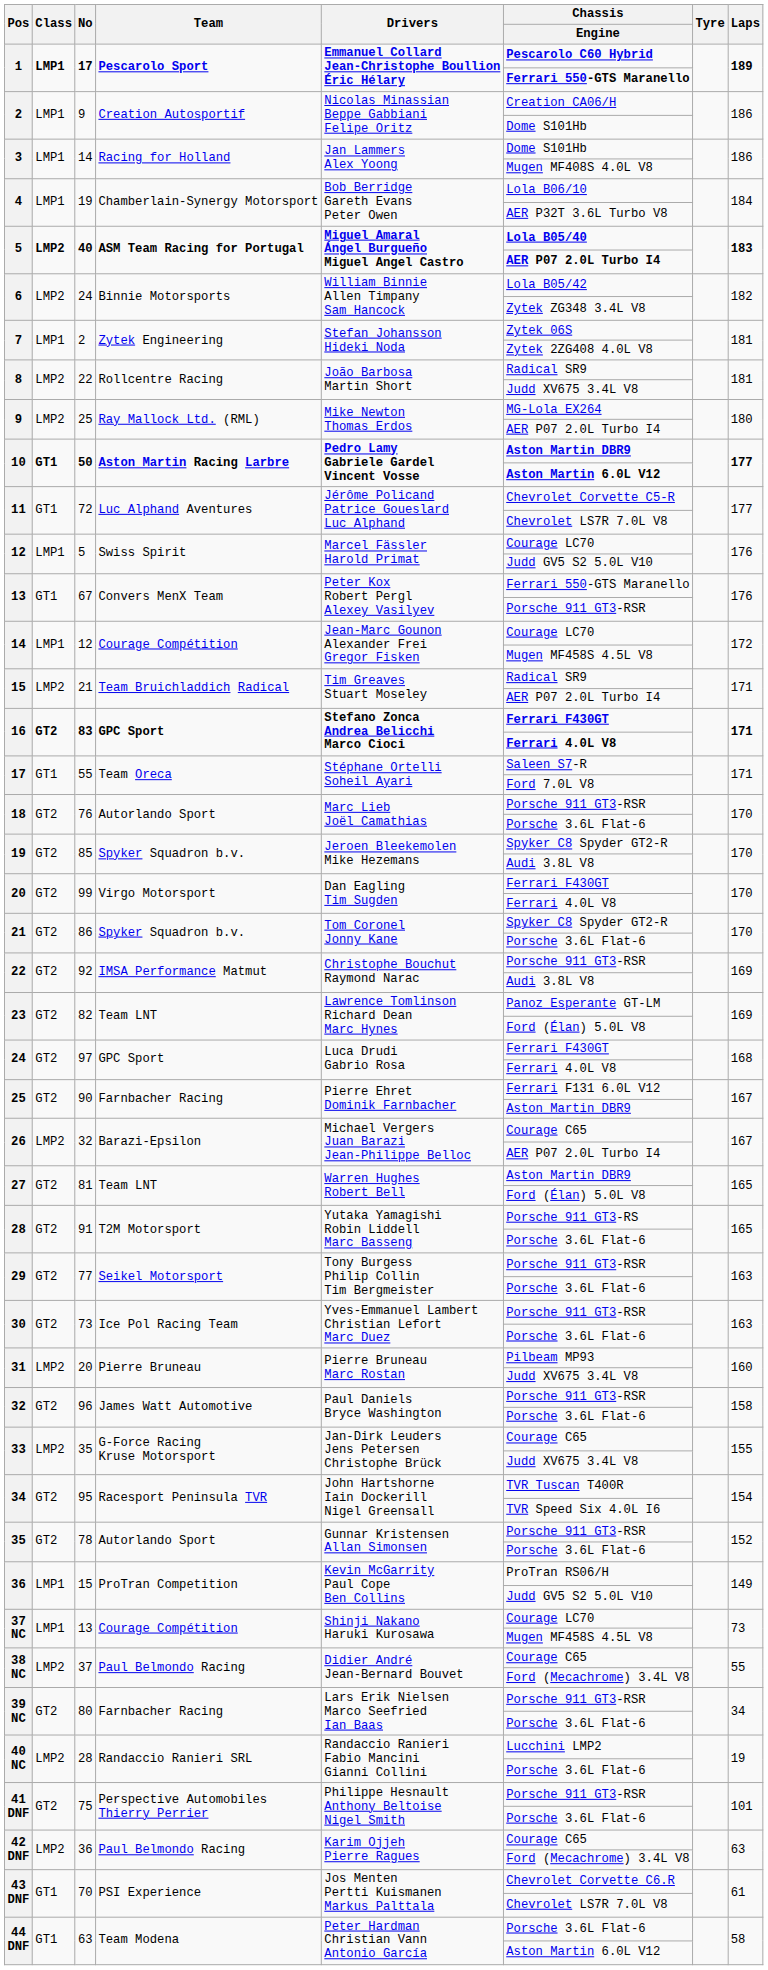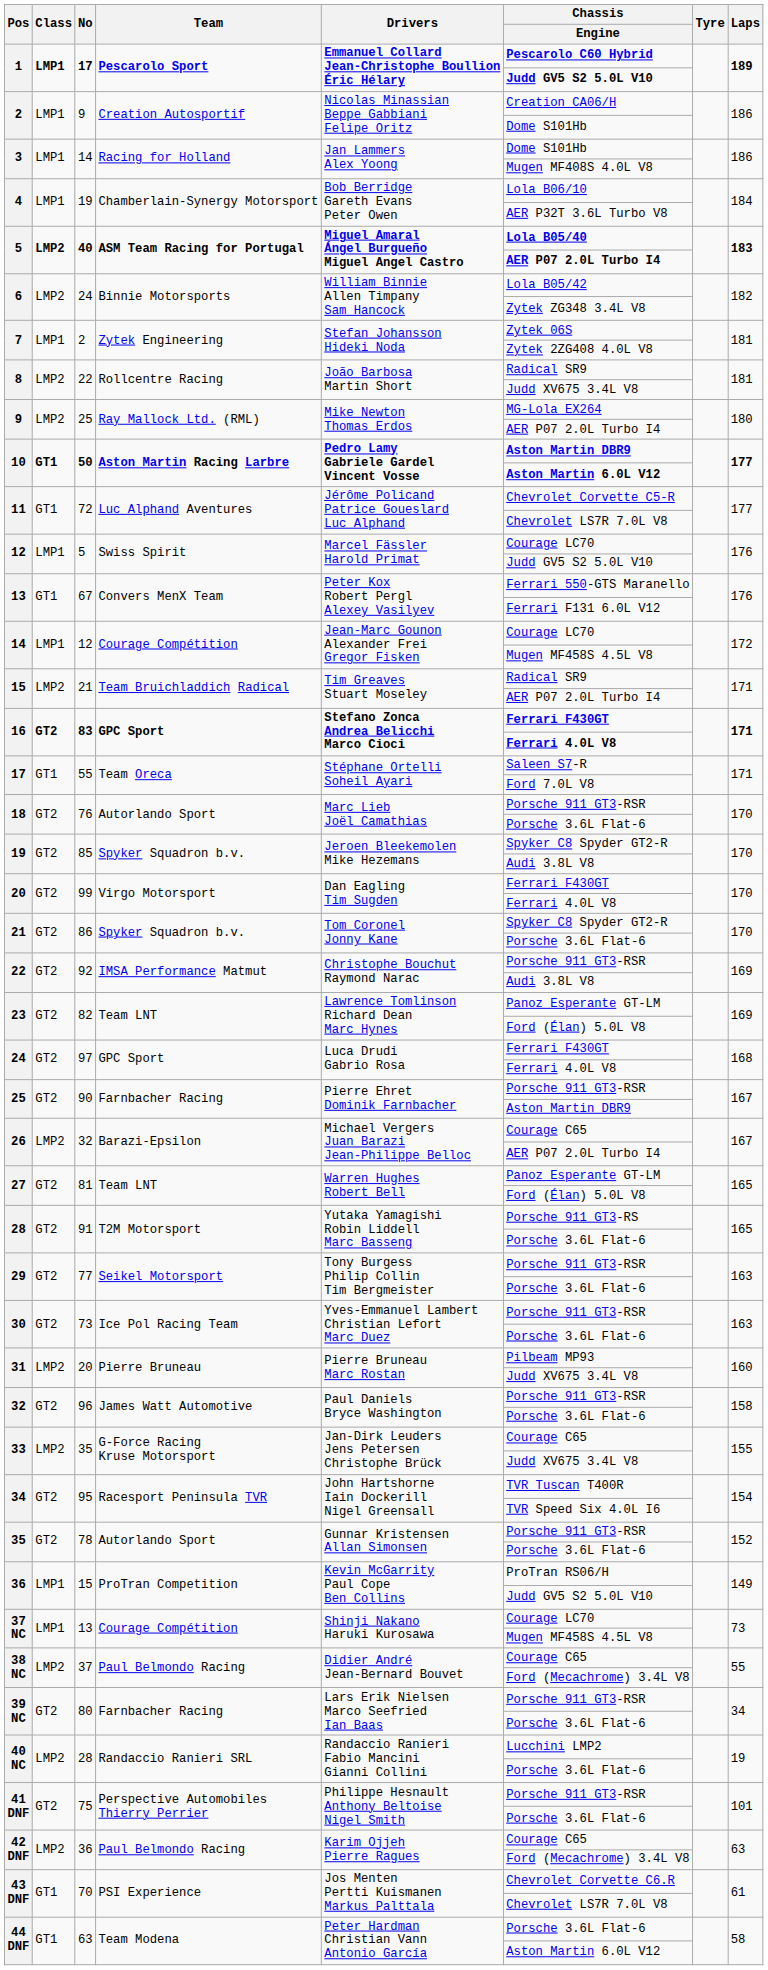 <table class="wikitable" style="font-size: 95%;">
 <tr>
 <th rowspan=2>Pos</th>
 <th rowspan=2>Class</th>
 <th rowspan=2>No</th>
 <th rowspan=2>Team</th>
 <th rowspan=2>Drivers</th>
 <th>Chassis</th>
 <th rowspan=2>Tyre</th>
 <th rowspan=2>Laps</th>
 </tr>
 <tr>
 <th>Engine</th>
 </tr>
 <tr style="font-weight:bold">
 <th rowspan=2>1</th>
 <td rowspan=2>LMP1</td>
 <td rowspan=2>17</td>
 <td rowspan=2> <a href='#'>Pescarolo Sport</a></td>
 <td rowspan=2> <a href='#'>Emmanuel Collard</a><br> <a href='#'>Jean-Christophe Boullion</a><br> <a href='#'>Éric Hélary</a></td>
 <td><a href='#'>Pescarolo C60 Hybrid</a></td>
 <td rowspan=2></td>
 <td rowspan=2>189</td>
 </tr>
 <tr style="font-weight:bold">
-<td><a href='#'>Ferrari 550</a>-GTS Maranello</td>
+<td><a href='#'>Judd</a> GV5 S2 5.0L V10</td>
 </tr>
 <tr>
 <th rowspan=2>2</th>
 <td rowspan=2>LMP1</td>
 <td rowspan=2>9</td>
 <td rowspan=2> <a href='#'>Creation Autosportif</a></td>
 <td rowspan=2> <a href='#'>Nicolas Minassian</a><br> <a href='#'>Beppe Gabbiani</a><br> <a href='#'>Felipe Oritz</a></td>
 <td><a href='#'>Creation CA06/H</a></td>
 <td rowspan=2></td>
 <td rowspan=2>186</td>
 </tr>
 <tr>
 <td><a href='#'>Dome</a> S101Hb</td>
 </tr>
 <tr>
 <th rowspan=2>3</th>
 <td rowspan=2>LMP1</td>
 <td rowspan=2>14</td>
 <td rowspan=2> <a href='#'>Racing for Holland</a></td>
 <td rowspan=2> <a href='#'>Jan Lammers</a><br> <a href='#'>Alex Yoong</a></td>
 <td><a href='#'>Dome</a> S101Hb</td>
 <td rowspan=2></td>
 <td rowspan=2>186</td>
 </tr>
 <tr>
 <td><a href='#'>Mugen</a> MF408S 4.0L V8</td>
 </tr>
 <tr>
 <th rowspan=2>4</th>
 <td rowspan=2>LMP1</td>
 <td rowspan=2>19</td>
 <td rowspan=2> Chamberlain-Synergy Motorsport</td>
 <td rowspan=2> <a href='#'>Bob Berridge</a><br> Gareth Evans<br> Peter Owen</td>
 <td><a href='#'>Lola B06/10</a></td>
 <td rowspan=2></td>
 <td rowspan=2>184</td>
 </tr>
 <tr>
 <td><a href='#'>AER</a> P32T 3.6L Turbo V8</td>
 </tr>
 <tr style="font-weight:bold">
 <th rowspan=2>5</th>
 <td rowspan=2>LMP2</td>
 <td rowspan=2>40</td>
 <td rowspan=2> ASM Team Racing for Portugal</td>
 <td rowspan=2> <a href='#'>Miguel Amaral</a><br> <a href='#'>Ángel Burgueño</a><br> Miguel Angel Castro</td>
 <td><a href='#'>Lola B05/40</a></td>
 <td rowspan=2></td>
 <td rowspan=2>183</td>
 </tr>
 <tr style="font-weight:bold">
 <td><a href='#'>AER</a> P07 2.0L Turbo I4</td>
 </tr>
 <tr>
 <th rowspan=2>6</th>
 <td rowspan=2>LMP2</td>
 <td rowspan=2>24</td>
 <td rowspan=2> Binnie Motorsports</td>
 <td rowspan=2> <a href='#'>William Binnie</a><br> Allen Timpany<br> <a href='#'>Sam Hancock</a></td>
 <td><a href='#'>Lola B05/42</a></td>
 <td rowspan=2></td>
 <td rowspan=2>182</td>
 </tr>
 <tr>
 <td><a href='#'>Zytek</a> ZG348 3.4L V8</td>
 </tr>
 <tr>
 <th rowspan=2>7</th>
 <td rowspan=2>LMP1</td>
 <td rowspan=2>2</td>
 <td rowspan=2> <a href='#'>Zytek</a> Engineering</td>
 <td rowspan=2> <a href='#'>Stefan Johansson</a><br> <a href='#'>Hideki Noda</a></td>
 <td><a href='#'>Zytek 06S</a></td>
 <td rowspan=2></td>
 <td rowspan=2>181</td>
 </tr>
 <tr>
 <td><a href='#'>Zytek</a> 2ZG408 4.0L V8</td>
 </tr>
 <tr>
 <th rowspan=2>8</th>
 <td rowspan=2>LMP2</td>
 <td rowspan=2>22</td>
 <td rowspan=2> Rollcentre Racing</td>
 <td rowspan=2> <a href='#'>João Barbosa</a><br> Martin Short</td>
 <td><a href='#'>Radical</a> SR9</td>
 <td rowspan=2></td>
 <td rowspan=2>181</td>
 </tr>
 <tr>
 <td><a href='#'>Judd</a> XV675 3.4L V8</td>
 </tr>
 <tr>
 <th rowspan=2>9</th>
 <td rowspan=2>LMP2</td>
 <td rowspan=2>25</td>
 <td rowspan=2> <a href='#'>Ray Mallock Ltd.</a> (RML)</td>
 <td rowspan=2> <a href='#'>Mike Newton</a><br> <a href='#'>Thomas Erdos</a></td>
 <td><a href='#'>MG-Lola EX264</a></td>
 <td rowspan=2></td>
 <td rowspan=2>180</td>
 </tr>
 <tr>
 <td><a href='#'>AER</a> P07 2.0L Turbo I4</td>
 </tr>
 <tr style="font-weight:bold">
 <th rowspan=2>10</th>
 <td rowspan=2>GT1</td>
 <td rowspan=2>50</td>
 <td rowspan=2> <a href='#'>Aston Martin</a> Racing <a href='#'>Larbre</a></td>
 <td rowspan=2> <a href='#'>Pedro Lamy</a><br> Gabriele Gardel<br> Vincent Vosse</td>
 <td><a href='#'>Aston Martin DBR9</a></td>
 <td rowspan=2></td>
 <td rowspan=2>177</td>
 </tr>
 <tr style="font-weight:bold">
 <td><a href='#'>Aston Martin</a> 6.0L V12</td>
 </tr>
 <tr>
 <th rowspan=2>11</th>
 <td rowspan=2>GT1</td>
 <td rowspan=2>72</td>
 <td rowspan=2> <a href='#'>Luc Alphand</a> Aventures</td>
 <td rowspan=2> <a href='#'>Jérôme Policand</a><br> <a href='#'>Patrice Goueslard</a><br> <a href='#'>Luc Alphand</a></td>
 <td><a href='#'>Chevrolet Corvette C5-R</a></td>
 <td rowspan=2></td>
 <td rowspan=2>177</td>
 </tr>
 <tr>
 <td><a href='#'>Chevrolet</a> LS7R 7.0L V8</td>
 </tr>
 <tr>
 <th rowspan=2>12</th>
 <td rowspan=2>LMP1</td>
 <td rowspan=2>5</td>
 <td rowspan=2> Swiss Spirit</td>
 <td rowspan=2> <a href='#'>Marcel Fässler</a><br> <a href='#'>Harold Primat</a></td>
 <td><a href='#'>Courage</a> LC70</td>
 <td rowspan=2></td>
 <td rowspan=2>176</td>
 </tr>
 <tr>
 <td><a href='#'>Judd</a> GV5 S2 5.0L V10</td>
 </tr>
 <tr>
 <th rowspan=2>13</th>
 <td rowspan=2>GT1</td>
 <td rowspan=2>67</td>
 <td rowspan=2> Convers MenX Team</td>
 <td rowspan=2> <a href='#'>Peter Kox</a><br> Robert Pergl<br> <a href='#'>Alexey Vasilyev</a></td>
 <td><a href='#'>Ferrari 550</a>-GTS Maranello</td>
 <td rowspan=2></td>
 <td rowspan=2>176</td>
 </tr>
 <tr>
-<td><a href='#'>Porsche 911 GT3</a>-RSR</td>
+<td><a href='#'>Ferrari</a> F131 6.0L V12</td>
 </tr>
 <tr>
 <th rowspan=2>14</th>
 <td rowspan=2>LMP1</td>
 <td rowspan=2>12</td>
 <td rowspan=2> <a href='#'>Courage Compétition</a></td>
 <td rowspan=2> <a href='#'>Jean-Marc Gounon</a><br> Alexander Frei<br> <a href='#'>Gregor Fisken</a></td>
 <td><a href='#'>Courage</a> LC70</td>
 <td rowspan=2></td>
 <td rowspan=2>172</td>
 </tr>
 <tr>
 <td><a href='#'>Mugen</a> MF458S 4.5L V8</td>
 </tr>
 <tr>
 <th rowspan=2>15</th>
 <td rowspan=2>LMP2</td>
 <td rowspan=2>21</td>
 <td rowspan=2> <a href='#'>Team Bruichladdich</a> <a href='#'>Radical</a></td>
 <td rowspan=2> <a href='#'>Tim Greaves</a><br> Stuart Moseley</td>
 <td><a href='#'>Radical</a> SR9</td>
 <td rowspan=2></td>
 <td rowspan=2>171</td>
 </tr>
 <tr>
 <td><a href='#'>AER</a> P07 2.0L Turbo I4</td>
 </tr>
 <tr style="font-weight:bold">
 <th rowspan=2>16</th>
 <td rowspan=2>GT2</td>
 <td rowspan=2>83</td>
 <td rowspan=2> GPC Sport</td>
 <td rowspan=2> Stefano Zonca<br> <a href='#'>Andrea Belicchi</a><br> Marco Cioci</td>
 <td><a href='#'>Ferrari F430GT</a></td>
 <td rowspan=2></td>
 <td rowspan=2>171</td>
 </tr>
 <tr style="font-weight:bold">
 <td><a href='#'>Ferrari</a> 4.0L V8</td>
 </tr>
 <tr>
 <th rowspan=2>17</th>
 <td rowspan=2>GT1</td>
 <td rowspan=2>55</td>
 <td rowspan=2> Team <a href='#'>Oreca</a></td>
 <td rowspan=2> <a href='#'>Stéphane Ortelli</a><br> <a href='#'>Soheil Ayari</a></td>
 <td><a href='#'>Saleen S7</a>-R</td>
 <td rowspan=2></td>
 <td rowspan=2>171</td>
 </tr>
 <tr>
 <td><a href='#'>Ford</a> 7.0L V8</td>
 </tr>
 <tr>
 <th rowspan=2>18</th>
 <td rowspan=2>GT2</td>
 <td rowspan=2>76</td>
 <td rowspan=2> Autorlando Sport</td>
 <td rowspan=2> <a href='#'>Marc Lieb</a><br> <a href='#'>Joël Camathias</a></td>
 <td><a href='#'>Porsche 911 GT3</a>-RSR</td>
 <td rowspan=2></td>
 <td rowspan=2>170</td>
 </tr>
 <tr>
 <td><a href='#'>Porsche</a> 3.6L Flat-6</td>
 </tr>
 <tr>
 <th rowspan=2>19</th>
 <td rowspan=2>GT2</td>
 <td rowspan=2>85</td>
 <td rowspan=2> <a href='#'>Spyker</a> Squadron b.v.</td>
 <td rowspan=2> <a href='#'>Jeroen Bleekemolen</a><br> Mike Hezemans</td>
 <td><a href='#'>Spyker C8</a> Spyder GT2-R</td>
 <td rowspan=2></td>
 <td rowspan=2>170</td>
 </tr>
 <tr>
 <td><a href='#'>Audi</a> 3.8L V8</td>
 </tr>
 <tr>
 <th rowspan=2>20</th>
 <td rowspan=2>GT2</td>
 <td rowspan=2>99</td>
 <td rowspan=2> Virgo Motorsport</td>
 <td rowspan=2> Dan Eagling<br> <a href='#'>Tim Sugden</a></td>
 <td><a href='#'>Ferrari F430GT</a></td>
 <td rowspan=2></td>
 <td rowspan=2>170</td>
 </tr>
 <tr>
 <td><a href='#'>Ferrari</a> 4.0L V8</td>
 </tr>
 <tr>
 <th rowspan=2>21</th>
 <td rowspan=2>GT2</td>
 <td rowspan=2>86</td>
 <td rowspan=2> <a href='#'>Spyker</a> Squadron b.v.</td>
 <td rowspan=2> <a href='#'>Tom Coronel</a><br> <a href='#'>Jonny Kane</a></td>
 <td><a href='#'>Spyker C8</a> Spyder GT2-R</td>
 <td rowspan=2></td>
 <td rowspan=2>170</td>
 </tr>
 <tr>
 <td><a href='#'>Porsche</a> 3.6L Flat-6</td>
 </tr>
 <tr>
 <th rowspan=2>22</th>
 <td rowspan=2>GT2</td>
 <td rowspan=2>92</td>
 <td rowspan=2> <a href='#'>IMSA Performance</a> Matmut</td>
 <td rowspan=2> <a href='#'>Christophe Bouchut</a><br> Raymond Narac</td>
 <td><a href='#'>Porsche 911 GT3</a>-RSR</td>
 <td rowspan=2></td>
 <td rowspan=2>169</td>
 </tr>
 <tr>
 <td><a href='#'>Audi</a> 3.8L V8</td>
 </tr>
 <tr>
 <th rowspan=2>23</th>
 <td rowspan=2>GT2</td>
 <td rowspan=2>82</td>
 <td rowspan=2> Team LNT</td>
 <td rowspan=2> <a href='#'>Lawrence Tomlinson</a><br> Richard Dean<br> <a href='#'>Marc Hynes</a></td>
 <td><a href='#'>Panoz Esperante</a> GT-LM</td>
 <td rowspan=2></td>
 <td rowspan=2>169</td>
 </tr>
 <tr>
 <td><a href='#'>Ford</a> (<a href='#'>Élan</a>) 5.0L V8</td>
 </tr>
 <tr>
 <th rowspan=2>24</th>
 <td rowspan=2>GT2</td>
 <td rowspan=2>97</td>
 <td rowspan=2> GPC Sport</td>
 <td rowspan=2> Luca Drudi<br> Gabrio Rosa</td>
 <td><a href='#'>Ferrari F430GT</a></td>
 <td rowspan=2></td>
 <td rowspan=2>168</td>
 </tr>
 <tr>
 <td><a href='#'>Ferrari</a> 4.0L V8</td>
 </tr>
 <tr>
 <th rowspan=2>25</th>
 <td rowspan=2>GT2</td>
 <td rowspan=2>90</td>
 <td rowspan=2> Farnbacher Racing</td>
 <td rowspan=2> Pierre Ehret<br> <a href='#'>Dominik Farnbacher</a></td>
-<td><a href='#'>Ferrari</a> F131 6.0L V12</td>
+<td><a href='#'>Porsche 911 GT3</a>-RSR</td>
 <td rowspan=2></td>
 <td rowspan=2>167</td>
 </tr>
 <tr>
 <td><a href='#'>Aston Martin DBR9</a></td>
 </tr>
 <tr>
 <th rowspan=2>26</th>
 <td rowspan=2>LMP2</td>
 <td rowspan=2>32</td>
 <td rowspan=2> Barazi-Epsilon</td>
 <td rowspan=2> Michael Vergers<br> <a href='#'>Juan Barazi</a><br> <a href='#'>Jean-Philippe Belloc</a></td>
 <td><a href='#'>Courage</a> C65</td>
 <td rowspan=2></td>
 <td rowspan=2>167</td>
 </tr>
 <tr>
 <td><a href='#'>AER</a> P07 2.0L Turbo I4</td>
 </tr>
 <tr>
 <th rowspan=2>27</th>
 <td rowspan=2>GT2</td>
 <td rowspan=2>81</td>
 <td rowspan=2> Team LNT</td>
 <td rowspan=2> <a href='#'>Warren Hughes</a><br> <a href='#'>Robert Bell</a></td>
-<td><a href='#'>Aston Martin DBR9</a></td>
+<td><a href='#'>Panoz Esperante</a> GT-LM</td>
 <td rowspan=2></td>
 <td rowspan=2>165</td>
 </tr>
 <tr>
 <td><a href='#'>Ford</a> (<a href='#'>Élan</a>) 5.0L V8</td>
 </tr>
 <tr>
 <th rowspan=2>28</th>
 <td rowspan=2>GT2</td>
 <td rowspan=2>91</td>
 <td rowspan=2> T2M Motorsport</td>
 <td rowspan=2> Yutaka Yamagishi<br> Robin Liddell<br> <a href='#'>Marc Basseng</a></td>
 <td><a href='#'>Porsche 911 GT3</a>-RS</td>
 <td rowspan=2></td>
 <td rowspan=2>165</td>
 </tr>
 <tr>
 <td><a href='#'>Porsche</a> 3.6L Flat-6</td>
 </tr>
 <tr>
 <th rowspan=2>29</th>
 <td rowspan=2>GT2</td>
 <td rowspan=2>77</td>
 <td rowspan=2> <a href='#'>Seikel Motorsport</a></td>
 <td rowspan=2> Tony Burgess<br> Philip Collin<br> Tim Bergmeister</td>
 <td><a href='#'>Porsche 911 GT3</a>-RSR</td>
 <td rowspan=2></td>
 <td rowspan=2>163</td>
 </tr>
 <tr>
 <td><a href='#'>Porsche</a> 3.6L Flat-6</td>
 </tr>
 <tr>
 <th rowspan=2>30</th>
 <td rowspan=2>GT2</td>
 <td rowspan=2>73</td>
 <td rowspan=2> Ice Pol Racing Team</td>
 <td rowspan=2> Yves-Emmanuel Lambert<br> Christian Lefort<br> <a href='#'>Marc Duez</a></td>
 <td><a href='#'>Porsche 911 GT3</a>-RSR</td>
 <td rowspan=2></td>
 <td rowspan=2>163</td>
 </tr>
 <tr>
 <td><a href='#'>Porsche</a> 3.6L Flat-6</td>
 </tr>
 <tr>
 <th rowspan=2>31</th>
 <td rowspan=2>LMP2</td>
 <td rowspan=2>20</td>
 <td rowspan=2> Pierre Bruneau</td>
 <td rowspan=2> Pierre Bruneau<br> <a href='#'>Marc Rostan</a></td>
 <td><a href='#'>Pilbeam</a> MP93</td>
 <td rowspan=2></td>
 <td rowspan=2>160</td>
 </tr>
 <tr>
 <td><a href='#'>Judd</a> XV675 3.4L V8</td>
 </tr>
 <tr>
 <th rowspan=2>32</th>
 <td rowspan=2>GT2</td>
 <td rowspan=2>96</td>
 <td rowspan=2> James Watt Automotive</td>
 <td rowspan=2> Paul Daniels<br> Bryce Washington</td>
 <td><a href='#'>Porsche 911 GT3</a>-RSR</td>
 <td rowspan=2></td>
 <td rowspan=2>158</td>
 </tr>
 <tr>
 <td><a href='#'>Porsche</a> 3.6L Flat-6</td>
 </tr>
 <tr>
 <th rowspan=2>33</th>
 <td rowspan=2>LMP2</td>
 <td rowspan=2>35</td>
 <td rowspan=2> G-Force Racing<br> Kruse Motorsport</td>
 <td rowspan=2> Jan-Dirk Leuders<br> Jens Petersen<br> Christophe Brück</td>
 <td><a href='#'>Courage</a> C65</td>
 <td rowspan=2></td>
 <td rowspan=2>155</td>
 </tr>
 <tr>
 <td><a href='#'>Judd</a> XV675 3.4L V8</td>
 </tr>
 <tr>
 <th rowspan=2>34</th>
 <td rowspan=2>GT2</td>
 <td rowspan=2>95</td>
 <td rowspan=2> Racesport Peninsula <a href='#'>TVR</a></td>
 <td rowspan=2> John Hartshorne<br> Iain Dockerill<br> Nigel Greensall</td>
 <td><a href='#'>TVR Tuscan</a> T400R</td>
 <td rowspan=2></td>
 <td rowspan=2>154</td>
 </tr>
 <tr>
 <td><a href='#'>TVR</a> Speed Six 4.0L I6</td>
 </tr>
 <tr>
 <th rowspan=2>35</th>
 <td rowspan=2>GT2</td>
 <td rowspan=2>78</td>
 <td rowspan=2> Autorlando Sport</td>
 <td rowspan=2> Gunnar Kristensen<br> <a href='#'>Allan Simonsen</a></td>
 <td><a href='#'>Porsche 911 GT3</a>-RSR</td>
 <td rowspan=2></td>
 <td rowspan=2>152</td>
 </tr>
 <tr>
 <td><a href='#'>Porsche</a> 3.6L Flat-6</td>
 </tr>
 <tr>
 <th rowspan=2>36</th>
 <td rowspan=2>LMP1</td>
 <td rowspan=2>15</td>
 <td rowspan=2> ProTran Competition</td>
 <td rowspan=2> <a href='#'>Kevin McGarrity</a><br> Paul Cope<br> <a href='#'>Ben Collins</a></td>
 <td>ProTran RS06/H</td>
 <td rowspan=2></td>
 <td rowspan=2>149</td>
 </tr>
 <tr>
 <td><a href='#'>Judd</a> GV5 S2 5.0L V10</td>
 </tr>
 <tr>
 <th rowspan=2>37<br>NC</th>
 <td rowspan=2>LMP1</td>
 <td rowspan=2>13</td>
 <td rowspan=2> <a href='#'>Courage Compétition</a></td>
 <td rowspan=2> <a href='#'>Shinji Nakano</a><br> Haruki Kurosawa</td>
 <td><a href='#'>Courage</a> LC70</td>
 <td rowspan=2></td>
 <td rowspan=2>73</td>
 </tr>
 <tr>
 <td><a href='#'>Mugen</a> MF458S 4.5L V8</td>
 </tr>
 <tr>
 <th rowspan=2>38<br>NC</th>
 <td rowspan=2>LMP2</td>
 <td rowspan=2>37</td>
 <td rowspan=2> <a href='#'>Paul Belmondo</a> Racing</td>
 <td rowspan=2> <a href='#'>Didier André</a><br> Jean-Bernard Bouvet</td>
 <td><a href='#'>Courage</a> C65</td>
 <td rowspan=2></td>
 <td rowspan=2>55</td>
 </tr>
 <tr>
 <td><a href='#'>Ford</a> (<a href='#'>Mecachrome</a>) 3.4L V8</td>
 </tr>
 <tr>
 <th rowspan=2>39<br>NC</th>
 <td rowspan=2>GT2</td>
 <td rowspan=2>80</td>
 <td rowspan=2> Farnbacher Racing</td>
 <td rowspan=2> Lars Erik Nielsen<br> Marco Seefried<br> <a href='#'>Ian Baas</a></td>
 <td><a href='#'>Porsche 911 GT3</a>-RSR</td>
 <td rowspan=2></td>
 <td rowspan=2>34</td>
 </tr>
 <tr>
 <td><a href='#'>Porsche</a> 3.6L Flat-6</td>
 </tr>
 <tr>
 <th rowspan=2>40<br>NC</th>
 <td rowspan=2>LMP2</td>
 <td rowspan=2>28</td>
 <td rowspan=2> Randaccio Ranieri SRL</td>
 <td rowspan=2> Randaccio Ranieri<br> Fabio Mancini<br> Gianni Collini</td>
 <td><a href='#'>Lucchini</a> LMP2</td>
 <td rowspan=2></td>
 <td rowspan=2>19</td>
 </tr>
 <tr>
 <td><a href='#'>Porsche</a> 3.6L Flat-6</td>
 </tr>
 <tr>
 <th rowspan=2>41<br>DNF</th>
 <td rowspan=2>GT2</td>
 <td rowspan=2>75</td>
 <td rowspan=2> Perspective Automobiles<br> <a href='#'>Thierry Perrier</a></td>
 <td rowspan=2> Philippe Hesnault<br> <a href='#'>Anthony Beltoise</a><br> <a href='#'>Nigel Smith</a></td>
 <td><a href='#'>Porsche 911 GT3</a>-RSR</td>
 <td rowspan=2></td>
 <td rowspan=2>101</td>
 </tr>
 <tr>
 <td><a href='#'>Porsche</a> 3.6L Flat-6</td>
 </tr>
 <tr>
 <th rowspan=2>42<br>DNF</th>
 <td rowspan=2>LMP2</td>
 <td rowspan=2>36</td>
 <td rowspan=2> <a href='#'>Paul Belmondo</a> Racing</td>
 <td rowspan=2> <a href='#'>Karim Ojjeh</a><br> <a href='#'>Pierre Ragues</a></td>
 <td><a href='#'>Courage</a> C65</td>
 <td rowspan=2></td>
 <td rowspan=2>63</td>
 </tr>
 <tr>
 <td><a href='#'>Ford</a> (<a href='#'>Mecachrome</a>) 3.4L V8</td>
 </tr>
 <tr>
 <th rowspan=2>43<br>DNF</th>
 <td rowspan=2>GT1</td>
 <td rowspan=2>70</td>
 <td rowspan=2> PSI Experience</td>
 <td rowspan=2> Jos Menten<br> Pertti Kuismanen<br> <a href='#'>Markus Palttala</a></td>
 <td><a href='#'>Chevrolet Corvette C6.R</a></td>
 <td rowspan=2></td>
 <td rowspan=2>61</td>
 </tr>
 <tr>
 <td><a href='#'>Chevrolet</a> LS7R 7.0L V8</td>
 </tr>
 <tr>
 <th rowspan=2>44<br>DNF</th>
 <td rowspan=2>GT1</td>
 <td rowspan=2>63</td>
 <td rowspan=2> Team Modena</td>
 <td rowspan=2> <a href='#'>Peter Hardman</a><br> Christian Vann<br> <a href='#'>Antonio García</a></td>
 <td><a href='#'>Porsche</a> 3.6L Flat-6</td>
 <td rowspan=2></td>
 <td rowspan=2>58</td>
 </tr>
 <tr>
 <td><a href='#'>Aston Martin</a> 6.0L V12</td>
 </tr>
 </table>
